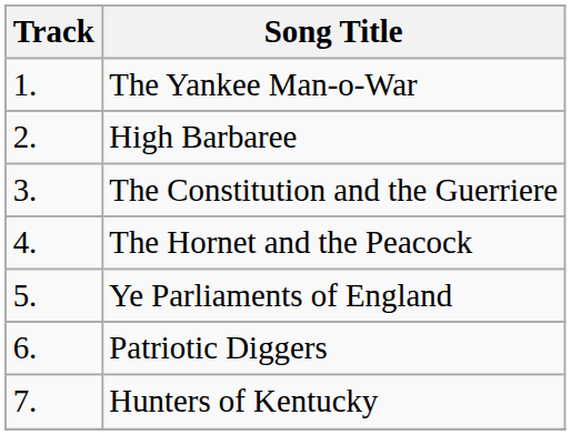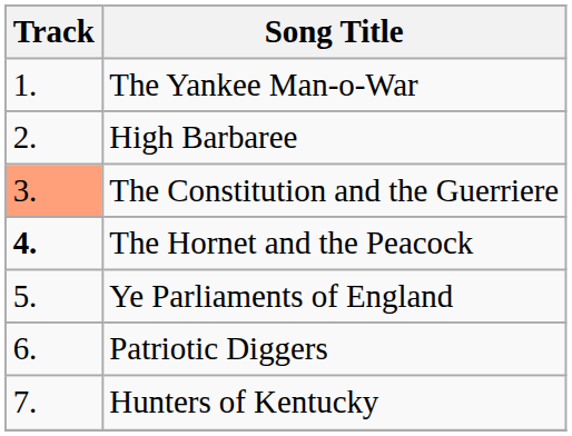 <table class="wikitable" style="font-size:95%;">
 <tr>
 <th>Track</th>
 <th>Song Title</th>
 </tr>
 <tr>
 <td>1.</td>
 <td>The Yankee Man-o-War</td>
 </tr>
 <tr>
 <td>2.</td>
 <td>High Barbaree</td>
 </tr>
 <tr>
-<td>3.</td>
+<td style="background: lightsalmon;">3.</td>
 <td>The Constitution and the Guerriere</td>
 </tr>
 <tr>
-<td>4.</td>
+<td><strong>4.</strong></td>
 <td>The Hornet and the Peacock</td>
 </tr>
 <tr>
 <td>5.</td>
 <td>Ye Parliaments of England</td>
 </tr>
 <tr>
 <td>6.</td>
 <td>Patriotic Diggers</td>
 </tr>
 <tr>
 <td>7.</td>
 <td>Hunters of Kentucky</td>
 </tr>
 <tr>
 </tr>
 </table>
